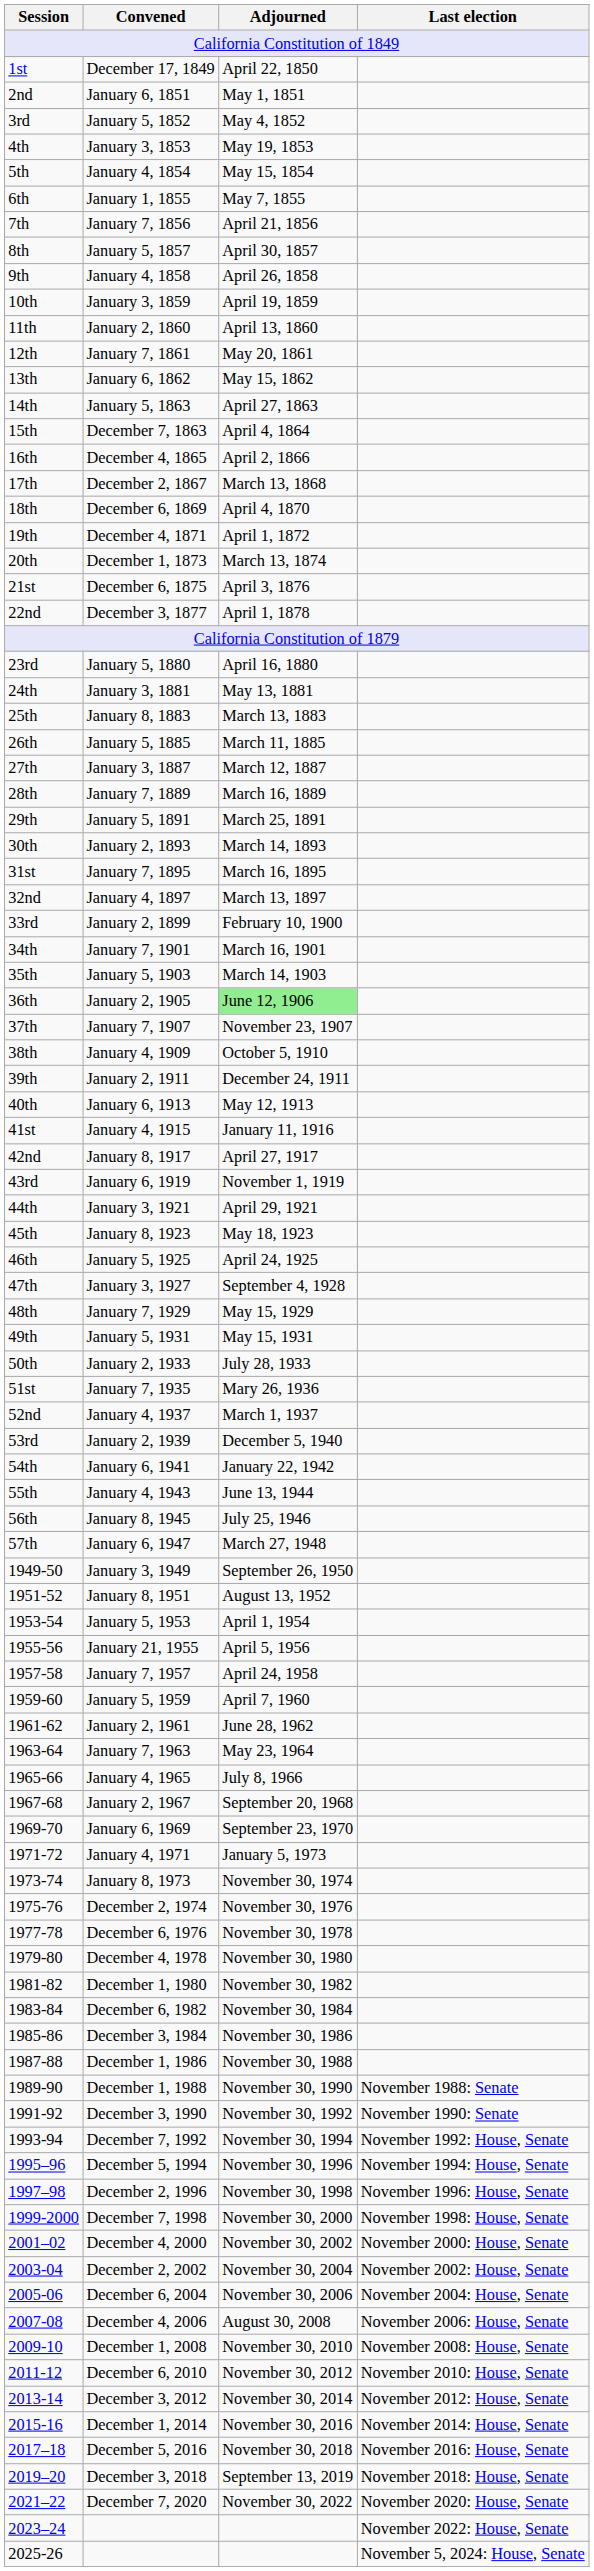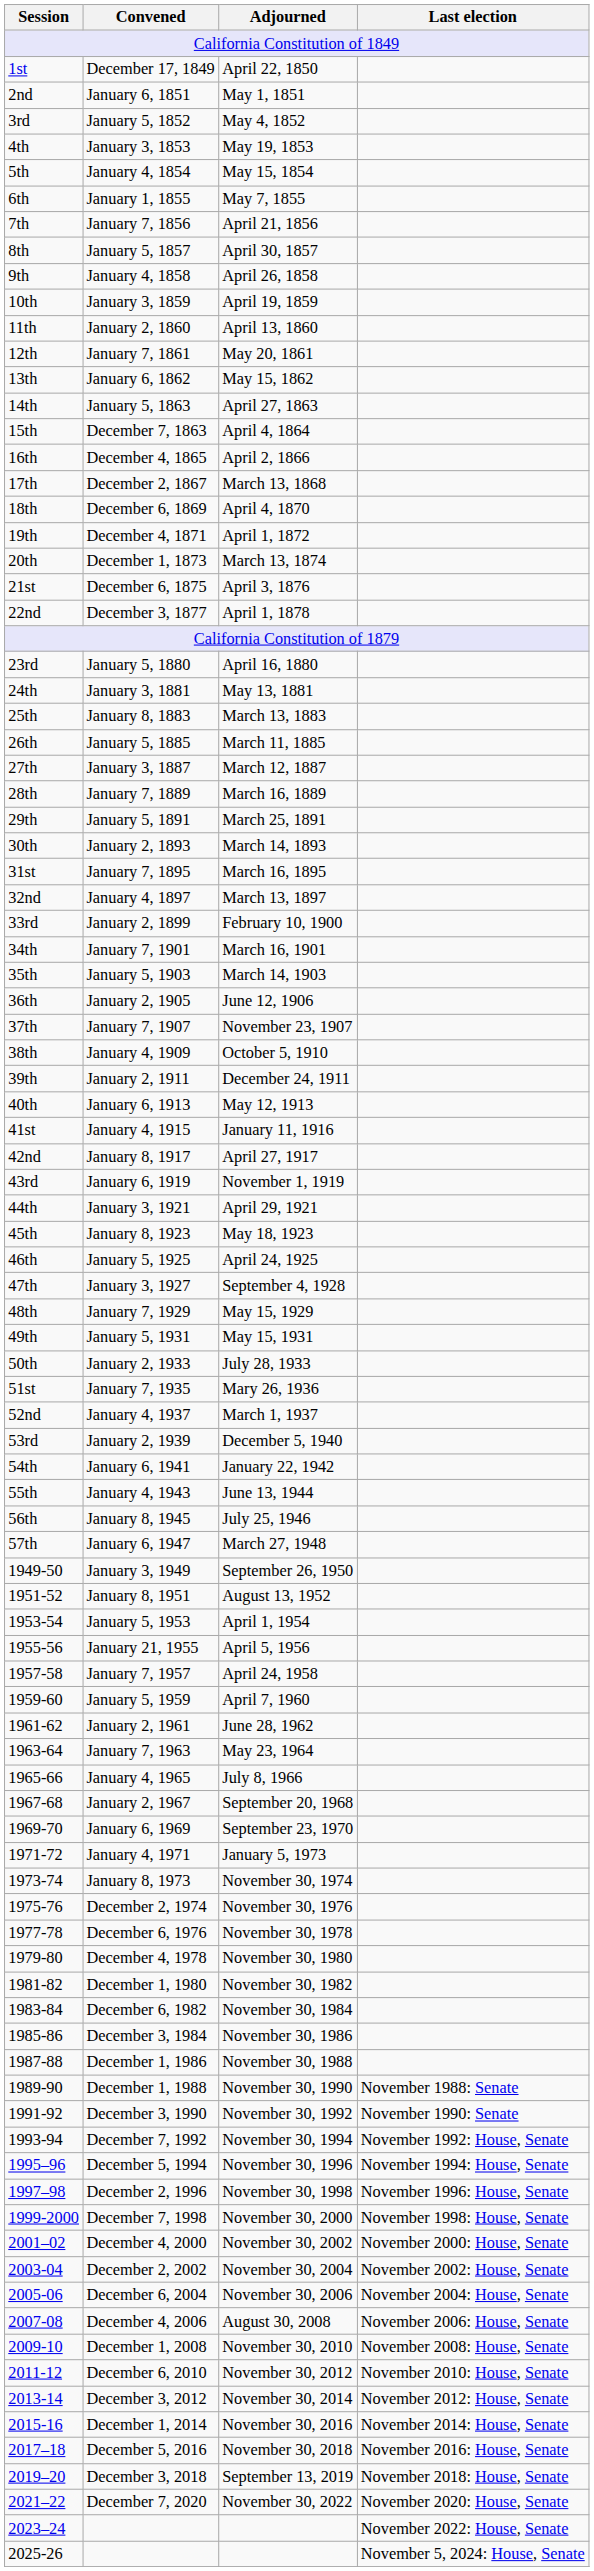 <table class="wikitable mw-datatable sticky-header">
 <tr>
 <th>Session</th>
 <th>Convened</th>
 <th>Adjourned</th>
 <th>Last election</th>
 </tr>
 <tr>
 <td colspan=4 style="text-align: center; background-color:#E6E6FA;"><a href='#'>California Constitution of 1849</a> </td>
 </tr>
 <tr>
 <td><a href='#'>1st</a></td>
 <td>December 17, 1849 </td>
 <td>April 22, 1850</td>
 <td></td>
 </tr>
 <tr>
 <td>2nd</td>
 <td>January 6, 1851</td>
 <td>May 1, 1851</td>
 <td></td>
 </tr>
 <tr>
 <td>3rd</td>
 <td>January 5, 1852</td>
 <td>May 4, 1852</td>
 <td></td>
 </tr>
 <tr>
 <td>4th</td>
 <td>January 3, 1853</td>
 <td>May 19, 1853</td>
 <td></td>
 </tr>
 <tr>
 <td>5th</td>
 <td>January 4, 1854</td>
 <td>May 15, 1854</td>
 <td></td>
 </tr>
 <tr>
 <td>6th</td>
 <td>January 1, 1855</td>
 <td>May 7, 1855</td>
 <td></td>
 </tr>
 <tr>
 <td>7th</td>
 <td>January 7, 1856</td>
 <td>April 21, 1856</td>
 <td></td>
 </tr>
 <tr>
 <td>8th</td>
 <td>January 5, 1857</td>
 <td>April 30, 1857</td>
 <td></td>
 </tr>
 <tr>
 <td>9th</td>
 <td>January 4, 1858</td>
 <td>April 26, 1858</td>
 <td></td>
 </tr>
 <tr>
 <td>10th</td>
 <td>January 3, 1859</td>
 <td>April 19, 1859</td>
 <td></td>
 </tr>
 <tr>
 <td>11th</td>
 <td>January 2, 1860</td>
 <td>April 13, 1860</td>
 <td></td>
 </tr>
 <tr>
 <td>12th</td>
 <td>January 7, 1861</td>
 <td>May 20, 1861</td>
 <td></td>
 </tr>
 <tr>
 <td>13th</td>
 <td>January 6, 1862</td>
 <td>May 15, 1862</td>
 <td></td>
 </tr>
 <tr>
 <td>14th</td>
 <td>January 5, 1863</td>
 <td>April 27, 1863</td>
 <td></td>
 </tr>
 <tr>
 <td>15th</td>
 <td>December 7, 1863</td>
 <td>April 4, 1864</td>
 <td></td>
 </tr>
 <tr>
 <td>16th</td>
 <td>December 4, 1865</td>
 <td>April 2, 1866</td>
 <td></td>
 </tr>
 <tr>
 <td>17th</td>
 <td>December 2, 1867</td>
 <td>March 13, 1868</td>
 <td></td>
 </tr>
 <tr>
 <td>18th</td>
 <td>December 6, 1869</td>
 <td>April 4, 1870</td>
 <td></td>
 </tr>
 <tr>
 <td>19th</td>
 <td>December 4, 1871</td>
 <td>April 1, 1872</td>
 <td></td>
 </tr>
 <tr>
 <td>20th</td>
 <td>December 1, 1873</td>
 <td>March 13, 1874</td>
 <td></td>
 </tr>
 <tr>
 <td>21st</td>
 <td>December 6, 1875</td>
 <td>April 3, 1876</td>
 <td></td>
 </tr>
 <tr>
 <td>22nd</td>
 <td>December 3, 1877</td>
 <td>April 1, 1878</td>
 <td></td>
 </tr>
 <tr>
 <td colspan=4 style="text-align: center; background-color:#E6E6FA;"><a href='#'>California Constitution of 1879</a> </td>
 </tr>
 <tr>
 <td>23rd</td>
 <td>January 5, 1880</td>
 <td>April 16, 1880</td>
 <td></td>
 </tr>
 <tr>
 <td>24th</td>
 <td>January 3, 1881</td>
 <td>May 13, 1881</td>
 <td></td>
 </tr>
 <tr>
 <td>25th</td>
 <td>January 8, 1883</td>
 <td>March 13, 1883</td>
 <td></td>
 </tr>
 <tr>
 <td>26th</td>
 <td>January 5, 1885</td>
 <td>March 11, 1885</td>
 <td></td>
 </tr>
 <tr>
 <td>27th</td>
 <td>January 3, 1887</td>
 <td>March 12, 1887</td>
 <td></td>
 </tr>
 <tr>
 <td>28th</td>
 <td>January 7, 1889</td>
 <td>March 16, 1889</td>
 <td></td>
 </tr>
 <tr>
 <td>29th</td>
 <td>January 5, 1891</td>
 <td>March 25, 1891</td>
 <td></td>
 </tr>
 <tr>
 <td>30th</td>
 <td>January 2, 1893</td>
 <td>March 14, 1893</td>
 <td></td>
 </tr>
 <tr>
 <td>31st</td>
 <td>January 7, 1895</td>
 <td>March 16, 1895</td>
 <td></td>
 </tr>
 <tr>
 <td>32nd</td>
 <td>January 4, 1897</td>
 <td>March 13, 1897</td>
 <td></td>
 </tr>
 <tr>
 <td>33rd</td>
 <td>January 2, 1899</td>
 <td>February 10, 1900</td>
 <td></td>
 </tr>
 <tr>
 <td>34th</td>
 <td>January 7, 1901</td>
 <td>March 16, 1901</td>
 <td></td>
 </tr>
 <tr>
 <td>35th</td>
 <td>January 5, 1903</td>
 <td>March 14, 1903</td>
 <td></td>
 </tr>
 <tr>
 <td>36th</td>
 <td>January 2, 1905</td>
-<td style="background: lightgreen;">June 12, 1906</td>
+<td>June 12, 1906</td>
 <td></td>
 </tr>
 <tr>
 <td>37th</td>
 <td>January 7, 1907</td>
 <td>November 23, 1907</td>
 <td></td>
 </tr>
 <tr>
 <td>38th</td>
 <td>January 4, 1909</td>
 <td>October 5, 1910</td>
 <td></td>
 </tr>
 <tr>
 <td>39th</td>
 <td>January 2, 1911</td>
 <td>December 24, 1911</td>
 <td></td>
 </tr>
 <tr>
 <td>40th</td>
 <td>January 6, 1913</td>
 <td>May 12, 1913</td>
 <td></td>
 </tr>
 <tr>
 <td>41st</td>
 <td>January 4, 1915</td>
 <td>January 11, 1916</td>
 <td></td>
 </tr>
 <tr>
 <td>42nd</td>
 <td>January 8, 1917</td>
 <td>April 27, 1917</td>
 <td></td>
 </tr>
 <tr>
 <td>43rd</td>
 <td>January 6, 1919</td>
 <td>November 1, 1919</td>
 <td></td>
 </tr>
 <tr>
 <td>44th</td>
 <td>January 3, 1921</td>
 <td>April 29, 1921</td>
 <td></td>
 </tr>
 <tr>
 <td>45th</td>
 <td>January 8, 1923</td>
 <td>May 18, 1923</td>
 <td></td>
 </tr>
 <tr>
 <td>46th</td>
 <td>January 5, 1925</td>
 <td>April 24, 1925</td>
 <td></td>
 </tr>
 <tr>
 <td>47th</td>
 <td>January 3, 1927</td>
 <td>September 4, 1928</td>
 <td></td>
 </tr>
 <tr>
 <td>48th</td>
 <td>January 7, 1929</td>
 <td>May 15, 1929</td>
 <td></td>
 </tr>
 <tr>
 <td>49th</td>
 <td>January 5, 1931</td>
 <td>May 15, 1931</td>
 <td></td>
 </tr>
 <tr>
 <td>50th</td>
 <td>January 2, 1933</td>
 <td>July 28, 1933</td>
 <td></td>
 </tr>
 <tr>
 <td>51st</td>
 <td>January 7, 1935</td>
 <td>Mary 26, 1936</td>
 <td></td>
 </tr>
 <tr>
 <td>52nd</td>
 <td>January 4, 1937</td>
 <td>March 1, 1937</td>
 <td></td>
 </tr>
 <tr>
 <td>53rd</td>
 <td>January 2, 1939</td>
 <td>December 5, 1940</td>
 <td></td>
 </tr>
 <tr>
 <td>54th</td>
 <td>January 6, 1941</td>
 <td>January 22, 1942</td>
 <td></td>
 </tr>
 <tr>
 <td>55th</td>
 <td>January 4, 1943</td>
 <td>June 13, 1944</td>
 <td></td>
 </tr>
 <tr>
 <td>56th</td>
 <td>January 8, 1945</td>
 <td>July 25, 1946</td>
 <td></td>
 </tr>
 <tr>
 <td>57th</td>
 <td>January 6, 1947</td>
 <td>March 27, 1948</td>
 <td></td>
 </tr>
 <tr>
 <td>1949-50</td>
 <td>January 3, 1949</td>
 <td>September 26, 1950</td>
 <td></td>
 </tr>
 <tr>
 <td>1951-52</td>
 <td>January 8, 1951</td>
 <td>August 13, 1952</td>
 <td></td>
 </tr>
 <tr>
 <td>1953-54</td>
 <td>January 5, 1953</td>
 <td>April 1, 1954</td>
 <td></td>
 </tr>
 <tr>
 <td>1955-56</td>
 <td>January 21, 1955</td>
 <td>April 5, 1956</td>
 <td></td>
 </tr>
 <tr>
 <td>1957-58</td>
 <td>January 7, 1957</td>
 <td>April 24, 1958</td>
 <td></td>
 </tr>
 <tr>
 <td>1959-60</td>
 <td>January 5, 1959</td>
 <td>April 7, 1960</td>
 <td></td>
 </tr>
 <tr>
 <td>1961-62</td>
 <td>January 2, 1961</td>
 <td>June 28, 1962</td>
 <td></td>
 </tr>
 <tr>
 <td>1963-64</td>
 <td>January 7, 1963</td>
 <td>May 23, 1964</td>
 <td></td>
 </tr>
 <tr>
 <td>1965-66</td>
 <td>January 4, 1965</td>
 <td>July 8, 1966</td>
 <td></td>
 </tr>
 <tr>
 <td>1967-68</td>
 <td>January 2, 1967</td>
 <td>September 20, 1968</td>
 <td></td>
 </tr>
 <tr>
 <td>1969-70</td>
 <td>January 6, 1969</td>
 <td>September 23, 1970</td>
 <td></td>
 </tr>
 <tr>
 <td>1971-72</td>
 <td>January 4, 1971</td>
 <td>January 5, 1973</td>
 <td></td>
 </tr>
 <tr>
 <td>1973-74</td>
 <td>January 8, 1973</td>
 <td>November 30, 1974</td>
 <td></td>
 </tr>
 <tr>
 <td>1975-76</td>
 <td>December 2, 1974</td>
 <td>November 30, 1976</td>
 <td></td>
 </tr>
 <tr>
 <td>1977-78</td>
 <td>December 6, 1976</td>
 <td>November 30, 1978</td>
 <td></td>
 </tr>
 <tr>
 <td>1979-80</td>
 <td>December 4, 1978</td>
 <td>November 30, 1980</td>
 <td></td>
 </tr>
 <tr>
 <td>1981-82</td>
 <td>December 1, 1980</td>
 <td>November 30, 1982</td>
 <td></td>
 </tr>
 <tr>
 <td>1983-84</td>
 <td>December 6, 1982</td>
 <td>November 30, 1984</td>
 <td></td>
 </tr>
 <tr>
 <td>1985-86</td>
 <td>December 3, 1984</td>
 <td>November 30, 1986</td>
 <td></td>
 </tr>
 <tr>
 <td>1987-88</td>
 <td>December 1, 1986</td>
 <td>November 30, 1988</td>
 <td></td>
 </tr>
 <tr>
 <td>1989-90</td>
 <td>December 1, 1988</td>
 <td>November 30, 1990</td>
 <td>November 1988: <a href='#'>Senate</a></td>
 </tr>
 <tr>
 <td>1991-92</td>
 <td>December 3, 1990</td>
 <td>November 30, 1992</td>
 <td>November 1990: <a href='#'>Senate</a></td>
 </tr>
 <tr>
 <td>1993-94</td>
 <td>December 7, 1992</td>
 <td>November 30, 1994</td>
 <td>November 1992: <a href='#'>House</a>, <a href='#'>Senate</a></td>
 </tr>
 <tr>
 <td><a href='#'>1995–96</a></td>
 <td>December 5, 1994</td>
 <td>November 30, 1996</td>
 <td>November 1994: <a href='#'>House</a>, <a href='#'>Senate</a></td>
 </tr>
 <tr>
 <td><a href='#'>1997–98</a></td>
 <td>December 2, 1996</td>
 <td>November 30, 1998</td>
 <td>November 1996: <a href='#'>House</a>, <a href='#'>Senate</a></td>
 </tr>
 <tr>
 <td><a href='#'>1999-2000</a></td>
 <td>December 7, 1998</td>
 <td>November 30, 2000</td>
 <td>November 1998: <a href='#'>House</a>, <a href='#'>Senate</a></td>
 </tr>
 <tr>
 <td><a href='#'>2001–02</a></td>
 <td>December 4, 2000</td>
 <td>November 30, 2002</td>
 <td>November 2000: <a href='#'>House</a>, <a href='#'>Senate</a></td>
 </tr>
 <tr>
 <td><a href='#'>2003-04</a></td>
 <td>December 2, 2002</td>
 <td>November 30, 2004</td>
 <td>November 2002: <a href='#'>House</a>, <a href='#'>Senate</a></td>
 </tr>
 <tr>
 <td><a href='#'>2005-06</a></td>
 <td>December 6, 2004</td>
 <td>November 30, 2006</td>
 <td>November 2004: <a href='#'>House</a>, <a href='#'>Senate</a></td>
 </tr>
 <tr>
 <td><a href='#'>2007-08</a></td>
 <td>December 4, 2006</td>
 <td>August 30, 2008</td>
 <td>November 2006: <a href='#'>House</a>, <a href='#'>Senate</a></td>
 </tr>
 <tr>
 <td><a href='#'>2009-10</a></td>
 <td>December 1, 2008</td>
 <td>November 30, 2010</td>
 <td>November 2008: <a href='#'>House</a>, <a href='#'>Senate</a></td>
 </tr>
 <tr>
 <td><a href='#'>2011-12</a></td>
 <td>December 6, 2010</td>
 <td>November 30, 2012</td>
 <td>November 2010: <a href='#'>House</a>, <a href='#'>Senate</a></td>
 </tr>
 <tr>
 <td><a href='#'>2013-14</a></td>
 <td>December 3, 2012</td>
 <td>November 30, 2014</td>
 <td>November 2012: <a href='#'>House</a>, <a href='#'>Senate</a></td>
 </tr>
 <tr>
 <td><a href='#'>2015-16</a></td>
 <td>December 1, 2014</td>
 <td>November 30, 2016</td>
 <td>November 2014: <a href='#'>House</a>, <a href='#'>Senate</a></td>
 </tr>
 <tr>
 <td><a href='#'>2017–18</a></td>
 <td>December 5, 2016</td>
 <td>November 30, 2018</td>
 <td>November 2016: <a href='#'>House</a>, <a href='#'>Senate</a></td>
 </tr>
 <tr>
 <td><a href='#'>2019–20</a></td>
 <td>December 3, 2018</td>
 <td>September 13, 2019 </td>
 <td>November 2018: <a href='#'>House</a>, <a href='#'>Senate</a></td>
 </tr>
 <tr>
 <td><a href='#'>2021–22</a></td>
 <td>December 7, 2020</td>
 <td>November 30, 2022</td>
 <td>November 2020: <a href='#'>House</a>, <a href='#'>Senate</a></td>
 </tr>
 <tr>
 <td><a href='#'>2023–24</a></td>
 <td></td>
 <td></td>
 <td>November 2022: <a href='#'>House</a>, <a href='#'>Senate</a></td>
 </tr>
 <tr>
 <td>2025-26</td>
 <td></td>
 <td></td>
 <td>November 5, 2024: <a href='#'>House</a>, <a href='#'>Senate</a></td>
 </tr>
 <tr>
 </tr>
 </table>
